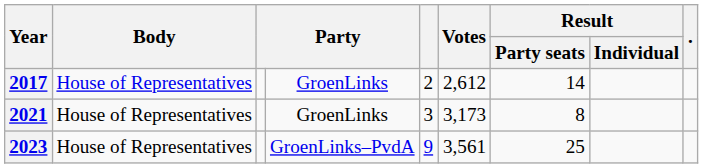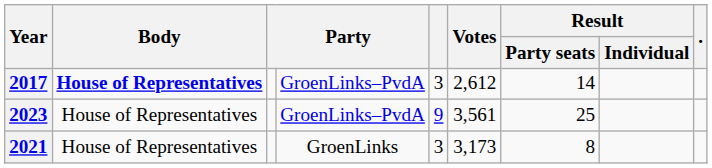 <table class="wikitable plainrowheaders sortable" border=2 cellpadding=4 cellspacing=0 style="border: 1px #aaa solid; font-size: 90%; text-align:center;">
 <tr>
 <th scope="col" rowspan=2>Year</th>
 <th scope="col" rowspan=2>Body</th>
 <th scope="col" colspan=2 rowspan=2>Party</th>
 <th scope="col" rowspan=2></th>
 <th scope="col" rowspan=2>Votes</th>
 <th scope="colgroup" colspan=2>Result</th>
 <th scope="col" rowspan=2 class="unsortable">.</th>
 </tr>
 <tr>
 <th scope="col">Party seats</th>
 <th scope="col">Individual</th>
 </tr>
 <tr>
 <th scope="row"><a href='#'>2017</a></th>
-<td><a href='#'>House of Representatives</a></td>
+<td><strong><a href='#'>House of Representatives</a></strong></td>
 <td style="background-color:"></td>
-<td><a href='#'>GroenLinks</a></td>
-<td style=text-align:right>2</td>
+<td><a href='#'>GroenLinks–PvdA</a></td>
+<td style=text-align:right>3</td>
 <td style=text-align:right>2,612</td>
 <td style=text-align:right>14</td>
+<td></td>
+<td></td>
+</tr>
+<tr>
+<th scope="row"><a href='#'>2023</a></th>
+<td>House of Representatives</td>
+<td style="background-color:"></td>
+<td><a href='#'>GroenLinks–PvdA</a></td>
+<td style=text-align:right><a href='#'>9</a></td>
+<td style=text-align:right>3,561</td>
+<td style=text-align:right>25</td>
 <td></td>
 <td></td>
 </tr>
 <tr>
 <th scope="row"><a href='#'>2021</a></th>
 <td>House of Representatives</td>
 <td style="background-color:"></td>
 <td>GroenLinks</td>
 <td style=text-align:right>3</td>
 <td style=text-align:right>3,173</td>
 <td style=text-align:right>8</td>
 <td></td>
 <td></td>
 </tr>
-<tr>
-<th scope="row"><a href='#'>2023</a></th>
-<td>House of Representatives</td>
-<td style="background-color:"></td>
-<td><a href='#'>GroenLinks–PvdA</a></td>
-<td style=text-align:right><a href='#'>9</a></td>
-<td style=text-align:right>3,561</td>
-<td style=text-align:right>25</td>
-<td></td>
-<td></td>
-</tr>
 </table>
